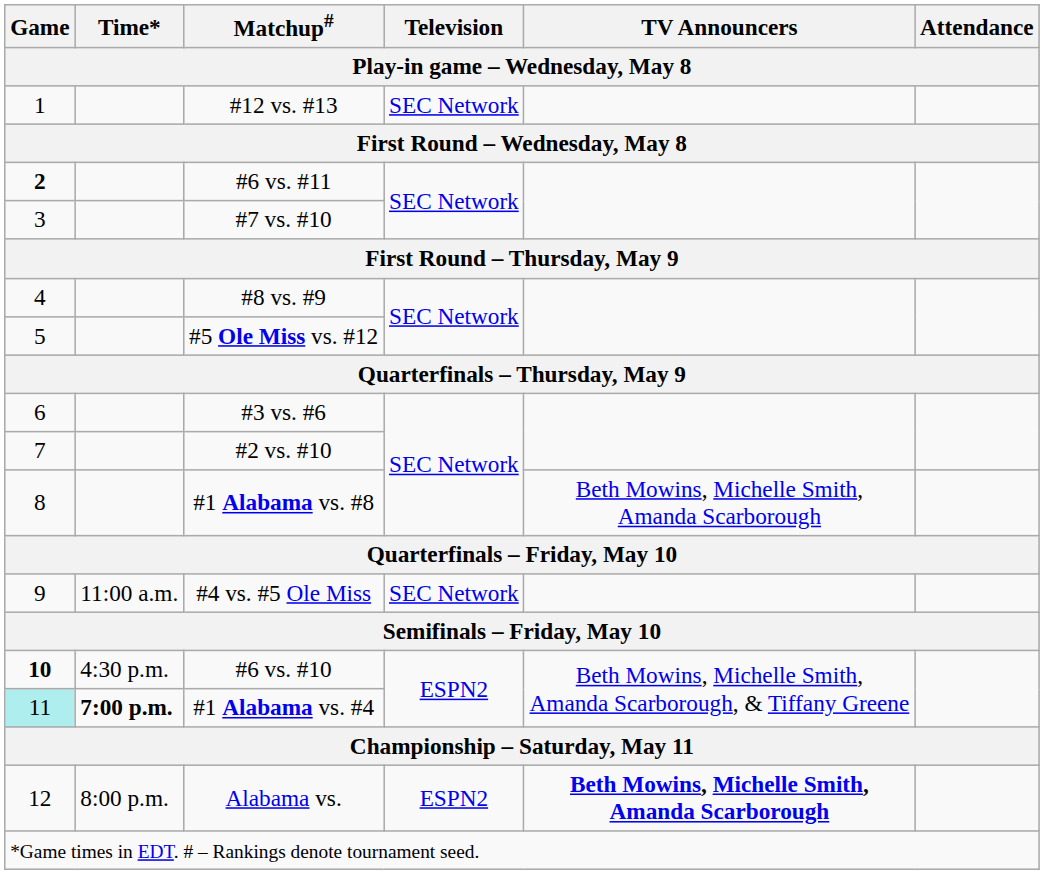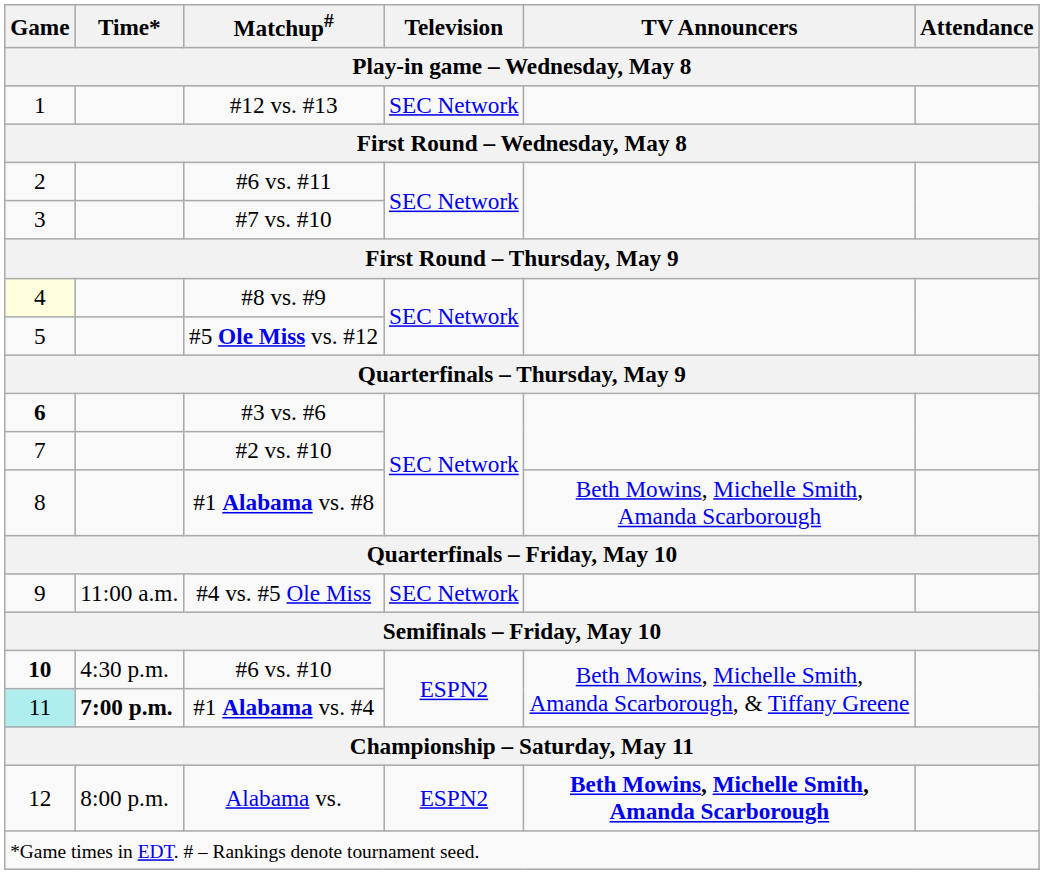 <table class="wikitable" style="font-size: 95%">
 <tr align="center">
 <th>Game</th>
 <th>Time*</th>
 <th>Matchup<sup>#</sup></th>
 <th>Television</th>
 <th>TV Announcers</th>
 <th>Attendance</th>
 </tr>
 <tr>
 <th colspan=7>Play-in game – Wednesday, May 8</th>
 </tr>
 <tr>
 <td style="text-align:center;">1</td>
 <td></td>
 <td style="text-align:center;">#12  vs. #13 </td>
 <td style="text-align:center;"><a href='#'>SEC Network</a></td>
 <td style="text-align:center;"></td>
 <td style="text-align:center;"></td>
 </tr>
 <tr>
 <th colspan=7>First Round – Wednesday, May 8</th>
 </tr>
 <tr>
-<td style="text-align:center;"><strong>2</strong></td>
+<td style="text-align:center;">2</td>
 <td></td>
 <td style="text-align:center;">#6  vs. #11 </td>
 <td rowspan=2 style="text-align:center;"><a href='#'>SEC Network</a></td>
 <td rowspan=2 style="text-align:center;"></td>
 <td rowspan=2 style="text-align:center;"></td>
 </tr>
 <tr>
 <td style="text-align:center;">3</td>
 <td></td>
 <td style="text-align:center;">#7  vs. #10 </td>
 </tr>
 <tr>
 <th colspan=7>First Round – Thursday, May 9</th>
 </tr>
 <tr>
-<td style="text-align:center;">4</td>
+<td style="background: lightyellow; text-align:center;">4</td>
 <td></td>
 <td style="text-align:center;">#8  vs. #9 </td>
 <td rowspan=2 style="text-align:center;"><a href='#'>SEC Network</a></td>
 <td rowspan=2 style="text-align:center;"></td>
 <td rowspan=2 style="text-align:center;"></td>
 </tr>
 <tr>
 <td style="text-align:center;">5</td>
 <td></td>
 <td style="text-align:center;">#5 <strong><a href='#'>Ole Miss</a></strong> vs. #12 </td>
 </tr>
 <tr>
 <th colspan=7>Quarterfinals – Thursday, May 9</th>
 </tr>
 <tr>
-<td style="text-align:center;">6</td>
+<td style="text-align:center;"><strong>6</strong></td>
 <td></td>
 <td style="text-align:center;">#3  vs. #6 </td>
 <td rowspan=3 style="text-align:center;"><a href='#'>SEC Network</a></td>
 <td rowspan=2 style="text-align:center;"></td>
 <td rowspan=2 style="text-align:center;"></td>
 </tr>
 <tr>
 <td style="text-align:center;">7</td>
 <td></td>
 <td style="text-align:center;">#2  vs. #10 </td>
 </tr>
 <tr>
 <td style="text-align:center;">8</td>
 <td></td>
 <td style="text-align:center;">#1 <strong><a href='#'>Alabama</a></strong> vs. #8 </td>
 <td style="text-align:center;"><a href='#'>Beth Mowins</a>, <a href='#'>Michelle Smith</a>,<br> <a href='#'>Amanda Scarborough</a></td>
 <td style="text-align:center;"></td>
 </tr>
 <tr>
 <th colspan=7>Quarterfinals – Friday, May 10</th>
 </tr>
 <tr>
 <td style="text-align:center;">9</td>
 <td>11:00 a.m.</td>
 <td style="text-align:center;">#4  vs. #5 <a href='#'>Ole Miss</a></td>
 <td style="text-align:center;"><a href='#'>SEC Network</a></td>
 <td style="text-align:center;"></td>
 <td style="text-align:center;"></td>
 </tr>
 <tr>
 <th colspan=7>Semifinals – Friday, May 10</th>
 </tr>
 <tr>
 <td style="text-align:center;"><strong>10</strong></td>
 <td>4:30 p.m.</td>
 <td style="text-align:center;">#6 <strong></strong> vs. #10 </td>
 <td rowspan=2 style="text-align:center;"><a href='#'>ESPN2</a></td>
 <td rowspan=2 style="text-align:center;"><a href='#'>Beth Mowins</a>, <a href='#'>Michelle Smith</a>,<br> <a href='#'>Amanda Scarborough</a>, & <a href='#'>Tiffany Greene</a></td>
 <td rowspan=2 style="text-align:center;"></td>
 </tr>
 <tr>
 <td style="background: paleturquoise; text-align:center;">11</td>
 <td><strong>7:00 p.m.</strong></td>
 <td style="text-align:center;">#1 <strong><a href='#'>Alabama</a></strong> vs. #4 </td>
 </tr>
 <tr>
 <th colspan=7>Championship – Saturday, May 11</th>
 </tr>
 <tr>
 <td style="text-align:center;">12</td>
 <td>8:00 p.m.</td>
 <td style="text-align:center;"><a href='#'>Alabama</a> vs. <strong></strong></td>
 <td style="text-align:center;"><a href='#'>ESPN2</a></td>
 <td style="text-align:center;"><strong><a href='#'>Beth Mowins</a>, <a href='#'>Michelle Smith</a>,<br> <a href='#'>Amanda Scarborough</a></strong></td>
 <td style="text-align:center;"></td>
 </tr>
 <tr>
 <td colspan=7><small>*Game times in <a href='#'>EDT</a>. # – Rankings denote tournament seed.</small></td>
 </tr>
 </table>
